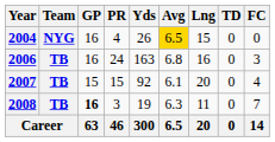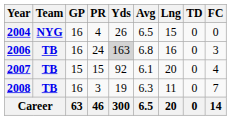 <table class="wikitable" style="text-align: center;">
 <tr>
 <th>Year</th>
 <th>Team</th>
 <th>GP</th>
 <th>PR</th>
 <th>Yds</th>
 <th>Avg</th>
 <th>Lng</th>
 <th>TD</th>
 <th>FC</th>
 </tr>
 <tr>
 <th><a href='#'>2004</a></th>
 <th><a href='#'>NYG</a></th>
 <td>16</td>
 <td>4</td>
 <td>26</td>
-<td style="background: gold;">6.5</td>
+<td>6.5</td>
 <td>15</td>
 <td>0</td>
 <td>0</td>
 </tr>
 <tr>
 <th><a href='#'>2006</a></th>
 <th><a href='#'>TB</a></th>
 <td>16</td>
 <td>24</td>
-<td>163</td>
+<td style="background: lightgrey;">163</td>
 <td>6.8</td>
 <td>16</td>
 <td>0</td>
 <td>3</td>
 </tr>
 <tr>
 <th><a href='#'>2007</a></th>
 <th><a href='#'>TB</a></th>
 <td>15</td>
 <td>15</td>
 <td>92</td>
 <td>6.1</td>
 <td>20</td>
 <td>0</td>
 <td>4</td>
 </tr>
 <tr>
 <th><a href='#'>2008</a></th>
 <th><a href='#'>TB</a></th>
-<td><strong>16</strong></td>
+<td>16</td>
 <td>3</td>
 <td>19</td>
 <td>6.3</td>
 <td>11</td>
 <td>0</td>
 <td>7</td>
 </tr>
 <tr>
 <th colspan="2">Career</th>
 <th>63</th>
 <th>46</th>
 <th>300</th>
 <th>6.5</th>
 <th>20</th>
 <th>0</th>
 <th>14</th>
 </tr>
 </table>
